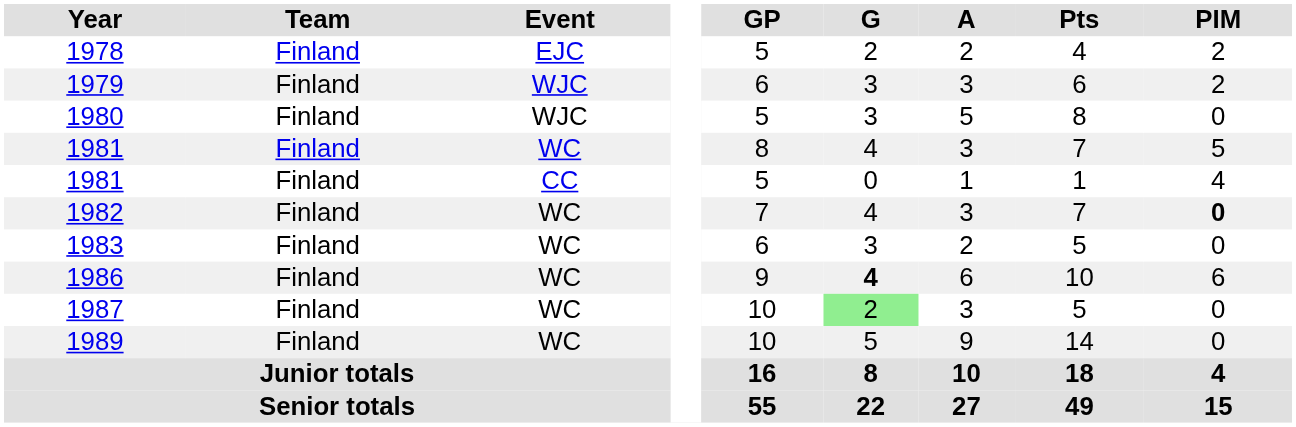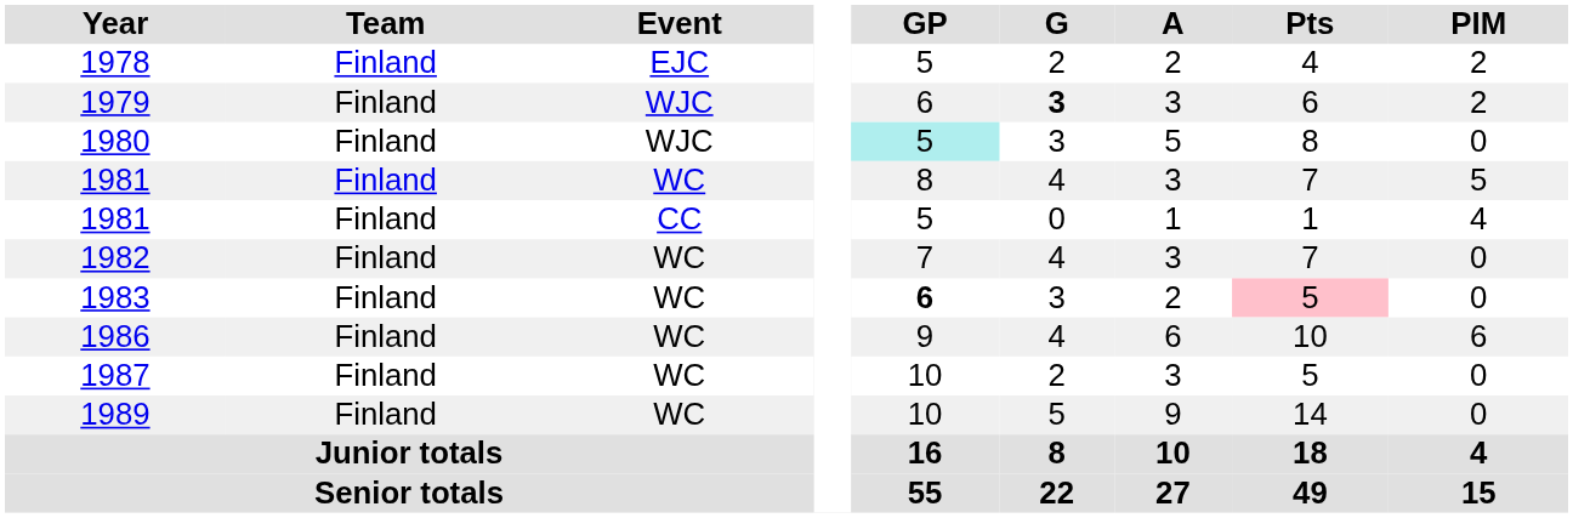 <table border="0" cellpadding="1" cellspacing="0" style="text-align:center; width:50em">
 <tr ALIGN="center" bgcolor="#e0e0e0">
 <th>Year</th>
 <th>Team</th>
 <th>Event</th>
 <th rowspan="99" bgcolor="#ffffff"> </th>
 <th>GP</th>
 <th>G</th>
 <th>A</th>
 <th>Pts</th>
 <th>PIM</th>
 </tr>
 <tr>
 <td><a href='#'>1978</a></td>
 <td><a href='#'>Finland</a></td>
 <td><a href='#'>EJC</a></td>
 <td>5</td>
 <td>2</td>
 <td>2</td>
 <td>4</td>
 <td>2</td>
 </tr>
 <tr bgcolor="#f0f0f0">
 <td><a href='#'>1979</a></td>
 <td>Finland</td>
 <td><a href='#'>WJC</a></td>
 <td>6</td>
-<td>3</td>
+<td><strong>3</strong></td>
 <td>3</td>
 <td>6</td>
 <td>2</td>
 </tr>
 <tr>
 <td><a href='#'>1980</a></td>
 <td>Finland</td>
 <td>WJC</td>
-<td>5</td>
+<td style="background: paleturquoise;">5</td>
 <td>3</td>
 <td>5</td>
 <td>8</td>
 <td>0</td>
 </tr>
 <tr bgcolor="#f0f0f0">
 <td><a href='#'>1981</a></td>
 <td><a href='#'>Finland</a></td>
 <td><a href='#'>WC</a></td>
 <td>8</td>
 <td>4</td>
 <td>3</td>
 <td>7</td>
 <td>5</td>
 </tr>
 <tr>
 <td><a href='#'>1981</a></td>
 <td>Finland</td>
 <td><a href='#'>CC</a></td>
 <td>5</td>
 <td>0</td>
 <td>1</td>
 <td>1</td>
 <td>4</td>
 </tr>
 <tr bgcolor="#f0f0f0">
 <td><a href='#'>1982</a></td>
 <td>Finland</td>
 <td>WC</td>
 <td>7</td>
 <td>4</td>
 <td>3</td>
 <td>7</td>
-<td><strong>0</strong></td>
+<td>0</td>
 </tr>
 <tr>
 <td><a href='#'>1983</a></td>
 <td>Finland</td>
 <td>WC</td>
-<td>6</td>
+<td><strong>6</strong></td>
 <td>3</td>
 <td>2</td>
-<td>5</td>
+<td style="background: pink;">5</td>
 <td>0</td>
 </tr>
 <tr bgcolor="#f0f0f0">
 <td><a href='#'>1986</a></td>
 <td>Finland</td>
 <td>WC</td>
 <td>9</td>
-<td><strong>4</strong></td>
+<td>4</td>
 <td>6</td>
 <td>10</td>
 <td>6</td>
 </tr>
 <tr>
 <td><a href='#'>1987</a></td>
 <td>Finland</td>
 <td>WC</td>
 <td>10</td>
-<td style="background: lightgreen;">2</td>
+<td>2</td>
 <td>3</td>
 <td>5</td>
 <td>0</td>
 </tr>
 <tr bgcolor="#f0f0f0">
 <td><a href='#'>1989</a></td>
 <td>Finland</td>
 <td>WC</td>
 <td>10</td>
 <td>5</td>
 <td>9</td>
 <td>14</td>
 <td>0</td>
 </tr>
 <tr bgcolor="#e0e0e0">
 <th colspan=3>Junior totals</th>
 <th>16</th>
 <th>8</th>
 <th>10</th>
 <th>18</th>
 <th>4</th>
 </tr>
 <tr bgcolor="#e0e0e0">
 <th colspan=3>Senior totals</th>
 <th>55</th>
 <th>22</th>
 <th>27</th>
 <th>49</th>
 <th>15</th>
 </tr>
 </table>
